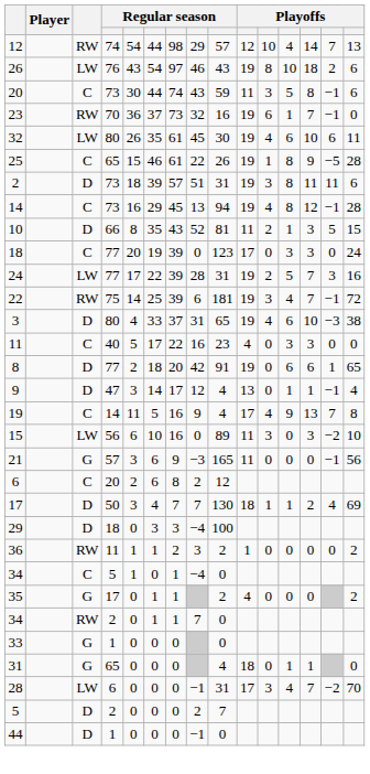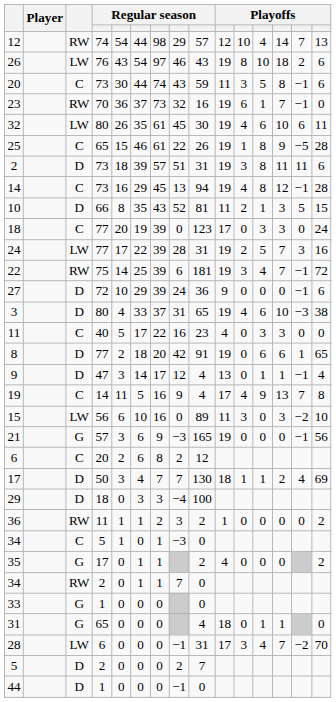 <table class="wikitable sortable plainrowheaders" style="text-align:center;">
 <tr>
 <th scope="col" data-sort-type="number" rowspan="2"></th>
 <th scope="col" rowspan="2">Player</th>
 <th scope="col" rowspan="2"></th>
 <th scope=colgroup colspan=6>Regular season</th>
 <th scope=colgroup colspan=6>Playoffs</th>
 </tr>
 <tr>
 <th scope="col" data-sort-type="number"></th>
 <th scope="col" data-sort-type="number"></th>
 <th scope="col" data-sort-type="number"></th>
 <th scope="col" data-sort-type="number"></th>
 <th scope="col" data-sort-type="number"></th>
 <th scope="col" data-sort-type="number"></th>
 <th scope="col" data-sort-type="number"></th>
 <th scope="col" data-sort-type="number"></th>
 <th scope="col" data-sort-type="number"></th>
 <th scope="col" data-sort-type="number"></th>
 <th scope="col" data-sort-type="number"></th>
 <th scope="col" data-sort-type="number"></th>
 </tr>
 <tr>
 <td scope="row">12</td>
 <td align="left"></td>
 <td>RW</td>
 <td>74</td>
 <td>54</td>
 <td>44</td>
 <td>98</td>
 <td>29</td>
 <td>57</td>
 <td>12</td>
 <td>10</td>
 <td>4</td>
 <td>14</td>
 <td>7</td>
 <td>13</td>
 </tr>
 <tr>
 <td scope="row">26</td>
 <td align="left"></td>
 <td>LW</td>
 <td>76</td>
 <td>43</td>
 <td>54</td>
 <td>97</td>
 <td>46</td>
 <td>43</td>
 <td>19</td>
 <td>8</td>
 <td>10</td>
 <td>18</td>
 <td>2</td>
 <td>6</td>
 </tr>
 <tr>
 <td scope="row">20</td>
 <td align="left"></td>
 <td>C</td>
 <td>73</td>
 <td>30</td>
 <td>44</td>
 <td>74</td>
 <td>43</td>
 <td>59</td>
 <td>11</td>
 <td>3</td>
 <td>5</td>
 <td>8</td>
 <td>−1</td>
 <td>6</td>
 </tr>
 <tr>
 <td scope="row">23</td>
 <td align="left"></td>
 <td>RW</td>
 <td>70</td>
 <td>36</td>
 <td>37</td>
 <td>73</td>
 <td>32</td>
 <td>16</td>
 <td>19</td>
 <td>6</td>
 <td>1</td>
 <td>7</td>
 <td>−1</td>
 <td>0</td>
 </tr>
 <tr>
 <td scope="row">32</td>
 <td align="left"></td>
 <td>LW</td>
 <td>80</td>
 <td>26</td>
 <td>35</td>
 <td>61</td>
 <td>45</td>
 <td>30</td>
 <td>19</td>
 <td>4</td>
 <td>6</td>
 <td>10</td>
 <td>6</td>
 <td>11</td>
 </tr>
 <tr>
 <td scope="row">25</td>
 <td align="left"></td>
 <td>C</td>
 <td>65</td>
 <td>15</td>
 <td>46</td>
 <td>61</td>
 <td>22</td>
 <td>26</td>
 <td>19</td>
 <td>1</td>
 <td>8</td>
 <td>9</td>
 <td>−5</td>
 <td>28</td>
 </tr>
 <tr>
 <td scope="row">2</td>
 <td align="left"></td>
 <td>D</td>
 <td>73</td>
 <td>18</td>
 <td>39</td>
 <td>57</td>
 <td>51</td>
 <td>31</td>
 <td>19</td>
 <td>3</td>
 <td>8</td>
 <td>11</td>
 <td>11</td>
 <td>6</td>
 </tr>
 <tr>
 <td scope="row">14</td>
 <td align="left"></td>
 <td>C</td>
 <td>73</td>
 <td>16</td>
 <td>29</td>
 <td>45</td>
 <td>13</td>
 <td>94</td>
 <td>19</td>
 <td>4</td>
 <td>8</td>
 <td>12</td>
 <td>−1</td>
 <td>28</td>
 </tr>
 <tr>
 <td scope="row">10</td>
 <td align="left"></td>
 <td>D</td>
 <td>66</td>
 <td>8</td>
 <td>35</td>
 <td>43</td>
 <td>52</td>
 <td>81</td>
 <td>11</td>
 <td>2</td>
 <td>1</td>
 <td>3</td>
 <td>5</td>
 <td>15</td>
 </tr>
 <tr>
 <td scope="row">18</td>
 <td align="left"></td>
 <td>C</td>
 <td>77</td>
 <td>20</td>
 <td>19</td>
 <td>39</td>
 <td>0</td>
 <td>123</td>
 <td>17</td>
 <td>0</td>
 <td>3</td>
 <td>3</td>
 <td>0</td>
 <td>24</td>
 </tr>
 <tr>
 <td scope="row">24</td>
 <td align="left"></td>
 <td>LW</td>
 <td>77</td>
 <td>17</td>
 <td>22</td>
 <td>39</td>
 <td>28</td>
 <td>31</td>
 <td>19</td>
 <td>2</td>
 <td>5</td>
 <td>7</td>
 <td>3</td>
 <td>16</td>
 </tr>
 <tr>
 <td scope="row">22</td>
 <td align="left"></td>
 <td>RW</td>
 <td>75</td>
 <td>14</td>
 <td>25</td>
 <td>39</td>
 <td>6</td>
 <td>181</td>
 <td>19</td>
 <td>3</td>
 <td>4</td>
 <td>7</td>
 <td>−1</td>
 <td>72</td>
 </tr>
 <tr>
+<td scope="row">27</td>
+<td align="left"></td>
+<td>D</td>
+<td>72</td>
+<td>10</td>
+<td>29</td>
+<td>39</td>
+<td>24</td>
+<td>36</td>
+<td>9</td>
+<td>0</td>
+<td>0</td>
+<td>0</td>
+<td>−1</td>
+<td>6</td>
+</tr>
+<tr>
 <td scope="row">3</td>
 <td align="left"></td>
 <td>D</td>
 <td>80</td>
 <td>4</td>
 <td>33</td>
 <td>37</td>
 <td>31</td>
 <td>65</td>
 <td>19</td>
 <td>4</td>
 <td>6</td>
 <td>10</td>
 <td>−3</td>
 <td>38</td>
 </tr>
 <tr>
 <td scope="row">11</td>
 <td align="left"></td>
 <td>C</td>
 <td>40</td>
 <td>5</td>
 <td>17</td>
 <td>22</td>
 <td>16</td>
 <td>23</td>
 <td>4</td>
 <td>0</td>
 <td>3</td>
 <td>3</td>
 <td>0</td>
 <td>0</td>
 </tr>
 <tr>
 <td scope="row">8</td>
 <td align="left"></td>
 <td>D</td>
 <td>77</td>
 <td>2</td>
 <td>18</td>
 <td>20</td>
 <td>42</td>
 <td>91</td>
 <td>19</td>
 <td>0</td>
 <td>6</td>
 <td>6</td>
 <td>1</td>
 <td>65</td>
 </tr>
 <tr>
 <td scope="row">9</td>
 <td align="left"></td>
 <td>D</td>
 <td>47</td>
 <td>3</td>
 <td>14</td>
 <td>17</td>
 <td>12</td>
 <td>4</td>
 <td>13</td>
 <td>0</td>
 <td>1</td>
 <td>1</td>
 <td>−1</td>
 <td>4</td>
 </tr>
 <tr>
 <td scope="row">19</td>
 <td align="left"></td>
 <td>C</td>
 <td>14</td>
 <td>11</td>
 <td>5</td>
 <td>16</td>
 <td>9</td>
 <td>4</td>
 <td>17</td>
 <td>4</td>
 <td>9</td>
 <td>13</td>
 <td>7</td>
 <td>8</td>
 </tr>
 <tr>
 <td scope="row">15</td>
 <td align="left"></td>
 <td>LW</td>
 <td>56</td>
 <td>6</td>
 <td>10</td>
 <td>16</td>
 <td>0</td>
 <td>89</td>
 <td>11</td>
 <td>3</td>
 <td>0</td>
 <td>3</td>
 <td>−2</td>
 <td>10</td>
 </tr>
 <tr>
 <td scope="row">21</td>
 <td align="left"></td>
 <td>G</td>
 <td>57</td>
 <td>3</td>
 <td>6</td>
 <td>9</td>
 <td>−3</td>
 <td>165</td>
-<td>11</td>
+<td>19</td>
 <td>0</td>
 <td>0</td>
 <td>0</td>
 <td>−1</td>
 <td>56</td>
 </tr>
 <tr>
 <td scope="row">6</td>
 <td align="left"></td>
 <td>C</td>
 <td>20</td>
 <td>2</td>
 <td>6</td>
 <td>8</td>
 <td>2</td>
 <td>12</td>
 <td></td>
 <td></td>
 <td></td>
 <td></td>
 <td></td>
 <td></td>
 </tr>
 <tr>
 <td scope="row">17</td>
 <td align="left"></td>
 <td>D</td>
 <td>50</td>
 <td>3</td>
 <td>4</td>
 <td>7</td>
 <td>7</td>
 <td>130</td>
 <td>18</td>
 <td>1</td>
 <td>1</td>
 <td>2</td>
 <td>4</td>
 <td>69</td>
 </tr>
 <tr>
 <td scope="row">29</td>
 <td align="left"></td>
 <td>D</td>
 <td>18</td>
 <td>0</td>
 <td>3</td>
 <td>3</td>
 <td>−4</td>
 <td>100</td>
 <td></td>
 <td></td>
 <td></td>
 <td></td>
 <td></td>
 <td></td>
 </tr>
 <tr>
 <td scope="row">36</td>
 <td align="left"></td>
 <td>RW</td>
 <td>11</td>
 <td>1</td>
 <td>1</td>
 <td>2</td>
 <td>3</td>
 <td>2</td>
 <td>1</td>
 <td>0</td>
 <td>0</td>
 <td>0</td>
 <td>0</td>
 <td>2</td>
 </tr>
 <tr>
 <td scope="row">34</td>
 <td align="left"></td>
 <td>C</td>
 <td>5</td>
 <td>1</td>
 <td>0</td>
 <td>1</td>
-<td>−4</td>
+<td>−3</td>
 <td>0</td>
 <td></td>
 <td></td>
 <td></td>
 <td></td>
 <td></td>
 <td></td>
 </tr>
 <tr>
 <td scope="row">35</td>
 <td align="left"></td>
 <td>G</td>
 <td>17</td>
 <td>0</td>
 <td>1</td>
 <td>1</td>
 <td style="background:#ccc"></td>
 <td>2</td>
 <td>4</td>
 <td>0</td>
 <td>0</td>
 <td>0</td>
 <td style="background:#ccc"></td>
 <td>2</td>
 </tr>
 <tr>
 <td scope="row">34</td>
 <td align="left"></td>
 <td>RW</td>
 <td>2</td>
 <td>0</td>
 <td>1</td>
 <td>1</td>
 <td>7</td>
 <td>0</td>
 <td></td>
 <td></td>
 <td></td>
 <td></td>
 <td></td>
 <td></td>
 </tr>
 <tr>
 <td scope="row">33</td>
 <td align="left"></td>
 <td>G</td>
 <td>1</td>
 <td>0</td>
 <td>0</td>
 <td>0</td>
 <td style="background:#ccc"></td>
 <td>0</td>
 <td></td>
 <td></td>
 <td></td>
 <td></td>
 <td></td>
 <td></td>
 </tr>
 <tr>
 <td scope="row">31</td>
 <td align="left"></td>
 <td>G</td>
 <td>65</td>
 <td>0</td>
 <td>0</td>
 <td>0</td>
 <td style="background:#ccc"></td>
 <td>4</td>
 <td>18</td>
 <td>0</td>
 <td>1</td>
 <td>1</td>
 <td style="background:#ccc"></td>
 <td>0</td>
 </tr>
 <tr>
 <td scope="row">28</td>
 <td align="left"></td>
 <td>LW</td>
 <td>6</td>
 <td>0</td>
 <td>0</td>
 <td>0</td>
 <td>−1</td>
 <td>31</td>
 <td>17</td>
 <td>3</td>
 <td>4</td>
 <td>7</td>
 <td>−2</td>
 <td>70</td>
 </tr>
 <tr>
 <td scope="row">5</td>
 <td align="left"></td>
 <td>D</td>
 <td>2</td>
 <td>0</td>
 <td>0</td>
 <td>0</td>
 <td>2</td>
 <td>7</td>
 <td></td>
 <td></td>
 <td></td>
 <td></td>
 <td></td>
 <td></td>
 </tr>
 <tr>
 <td scope="row">44</td>
 <td align="left"></td>
 <td>D</td>
 <td>1</td>
 <td>0</td>
 <td>0</td>
 <td>0</td>
 <td>−1</td>
 <td>0</td>
 <td></td>
 <td></td>
 <td></td>
 <td></td>
 <td></td>
 <td></td>
 </tr>
 </table>
